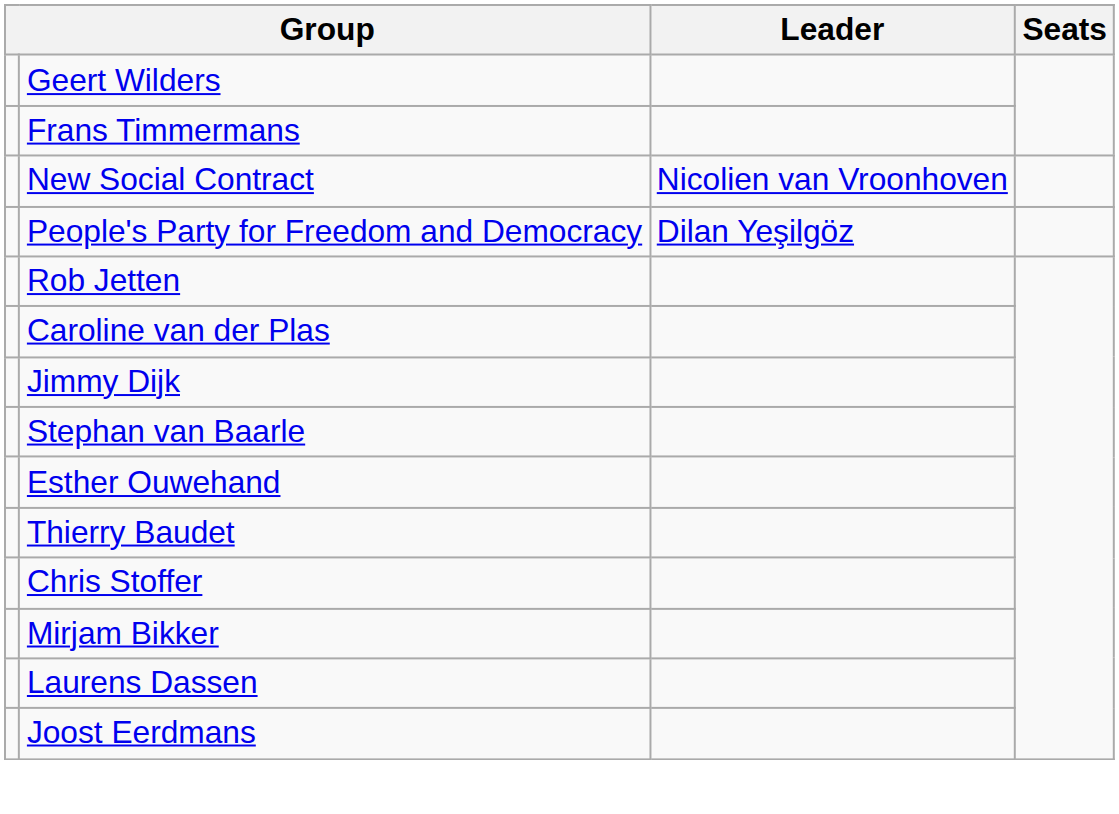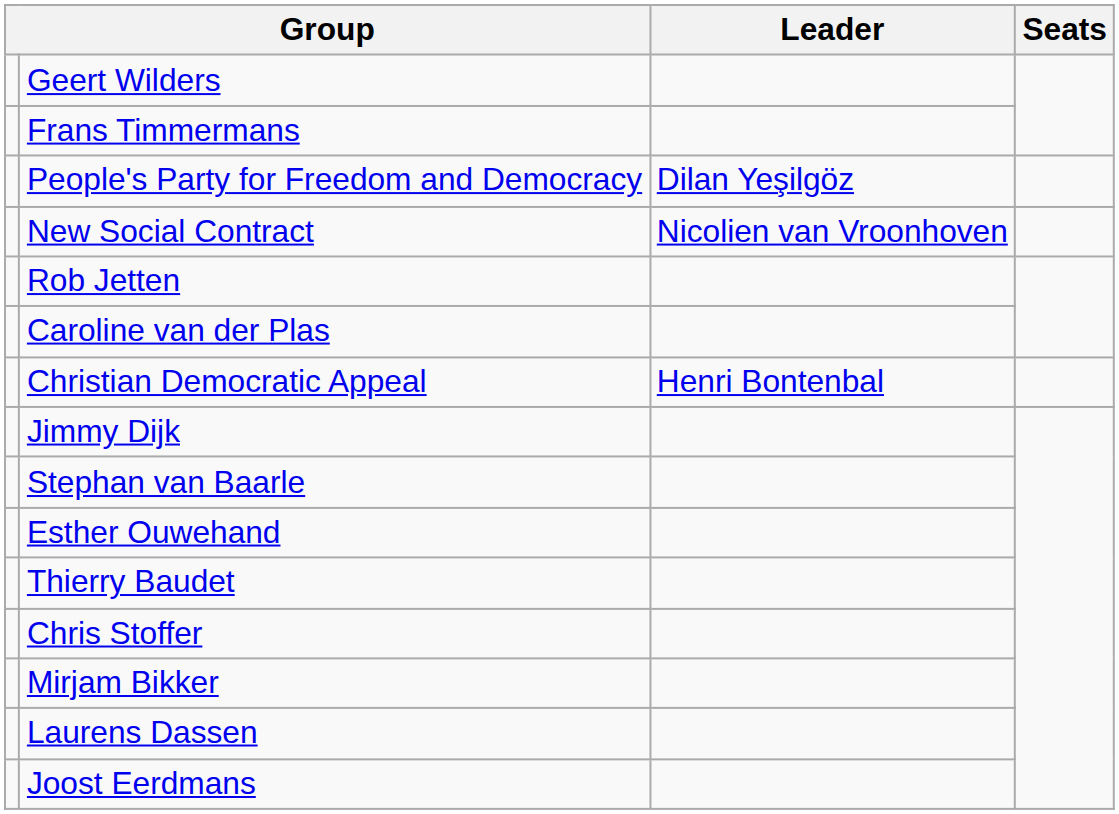 <table class="wikitable">
 <tr>
 <th colspan=2>Group</th>
 <th>Leader</th>
 <th>Seats</th>
 </tr>
 <tr>
 <td></td>
 <td><a href='#'>Geert Wilders</a></td>
 <td style="text-align:right"></td>
 </tr>
 <tr>
 <td></td>
 <td><a href='#'>Frans Timmermans</a></td>
 <td style="text-align:right"></td>
 </tr>
 <tr>
 <td style="background:"></td>
-<td><a href='#'>New Social Contract</a></td>
-<td><a href='#'>Nicolien van Vroonhoven</a></td>
+<td><a href='#'>People's Party for Freedom and Democracy</a></td>
+<td><a href='#'>Dilan Yeşilgöz</a></td>
 <td style="text-align:right"></td>
 </tr>
 <tr>
 <td style="background:"></td>
-<td><a href='#'>People's Party for Freedom and Democracy</a></td>
-<td><a href='#'>Dilan Yeşilgöz</a></td>
+<td><a href='#'>New Social Contract</a></td>
+<td><a href='#'>Nicolien van Vroonhoven</a></td>
 <td style="text-align:right"></td>
 </tr>
 <tr>
 <td></td>
 <td><a href='#'>Rob Jetten</a></td>
 <td style="text-align:right"></td>
 </tr>
 <tr>
 <td></td>
 <td><a href='#'>Caroline van der Plas</a></td>
+<td style="text-align:right"></td>
+</tr>
+<tr>
+<td style="background:"></td>
+<td><a href='#'>Christian Democratic Appeal</a></td>
+<td><a href='#'>Henri Bontenbal</a></td>
 <td style="text-align:right"></td>
 </tr>
 <tr>
 <td></td>
 <td><a href='#'>Jimmy Dijk</a></td>
 <td style="text-align:right"></td>
 </tr>
 <tr>
 <td></td>
 <td><a href='#'>Stephan van Baarle</a></td>
 <td style="text-align:right"></td>
 </tr>
 <tr>
 <td></td>
 <td><a href='#'>Esther Ouwehand</a></td>
 <td style="text-align:right"></td>
 </tr>
 <tr>
 <td></td>
 <td><a href='#'>Thierry Baudet</a></td>
 <td style="text-align:right"></td>
 </tr>
 <tr>
 <td></td>
 <td><a href='#'>Chris Stoffer</a></td>
 <td style="text-align:right"></td>
 </tr>
 <tr>
 <td></td>
 <td><a href='#'>Mirjam Bikker</a></td>
 <td style="text-align:right"></td>
 </tr>
 <tr>
 <td></td>
 <td><a href='#'>Laurens Dassen</a></td>
 <td style="text-align:right"></td>
 </tr>
 <tr>
 <td></td>
 <td><a href='#'>Joost Eerdmans</a></td>
 <td style="text-align:right"></td>
 </tr>
 </table>
